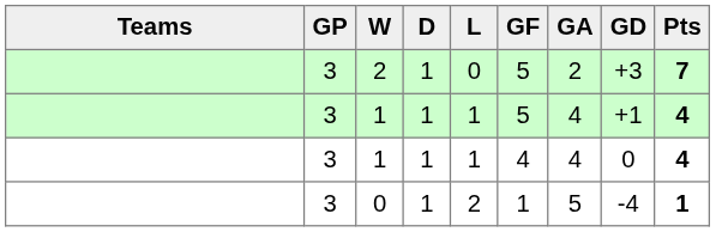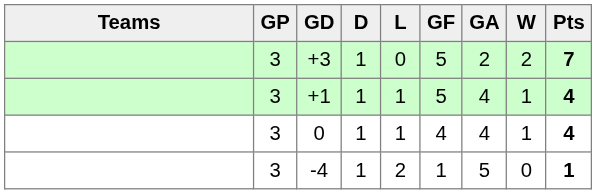 <table style=border-collapse:collapse border=1 cellspacing=0 cellpadding=5>
 <tr align=center bgcolor=#efefef>
 <th width=185>Teams</th>
 <th width=20>GP</th>
-<th width=20>W</th>
+<th width=20>GD</th>
 <th width=20>D</th>
 <th width=20>L</th>
 <th width=20>GF</th>
 <th width=20>GA</th>
-<th width=20>GD</th>
+<th width=20>W</th>
 <th width=20>Pts</th>
 </tr>
 <tr align=center style="background:#ccffcc;">
 <td style="text-align:left;"></td>
 <td>3</td>
-<td>2</td>
+<td>+3</td>
 <td>1</td>
 <td>0</td>
 <td>5</td>
 <td>2</td>
-<td>+3</td>
+<td>2</td>
 <td><strong>7</strong></td>
 </tr>
 <tr align=center style="background:#ccffcc;">
 <td style="text-align:left;"></td>
 <td>3</td>
-<td>1</td>
+<td>+1</td>
 <td>1</td>
 <td>1</td>
 <td>5</td>
 <td>4</td>
-<td>+1</td>
-<td><strong>4</strong></td>
-</tr>
-<tr align=center>
-<td style="text-align:left;"></td>
-<td>3</td>
 <td>1</td>
-<td>1</td>
-<td>1</td>
-<td>4</td>
-<td>4</td>
-<td>0</td>
 <td><strong>4</strong></td>
 </tr>
 <tr align=center>
 <td style="text-align:left;"></td>
 <td>3</td>
 <td>0</td>
 <td>1</td>
+<td>1</td>
+<td>4</td>
+<td>4</td>
+<td>1</td>
+<td><strong>4</strong></td>
+</tr>
+<tr align=center>
+<td style="text-align:left;"></td>
+<td>3</td>
+<td>-4</td>
+<td>1</td>
 <td>2</td>
 <td>1</td>
 <td>5</td>
-<td>-4</td>
+<td>0</td>
 <td><strong>1</strong></td>
 </tr>
 </table>
